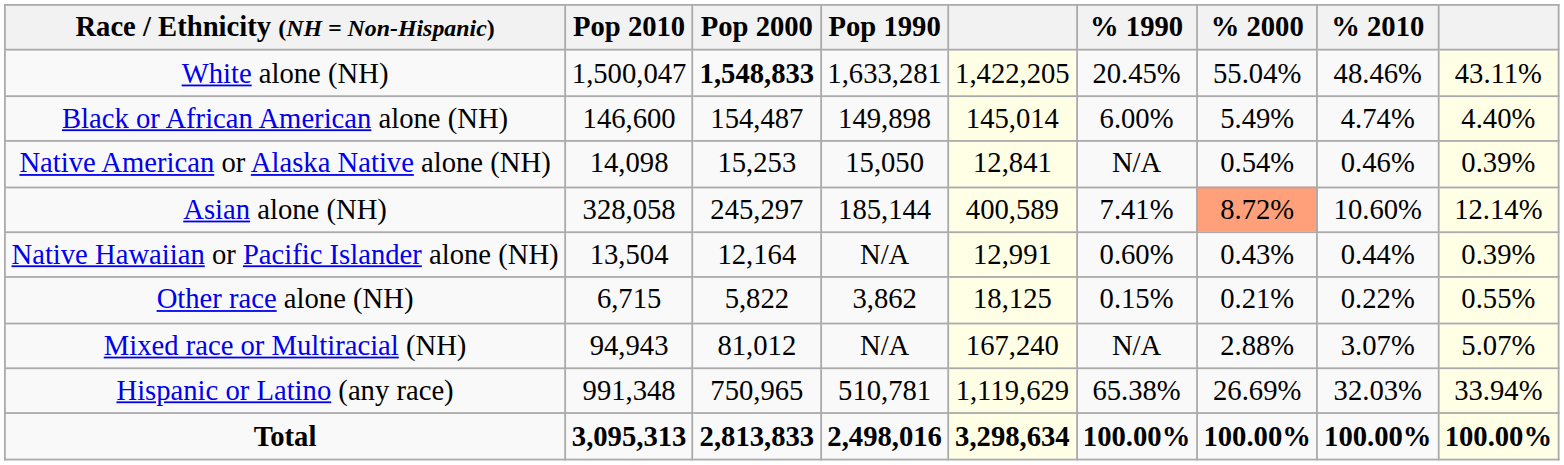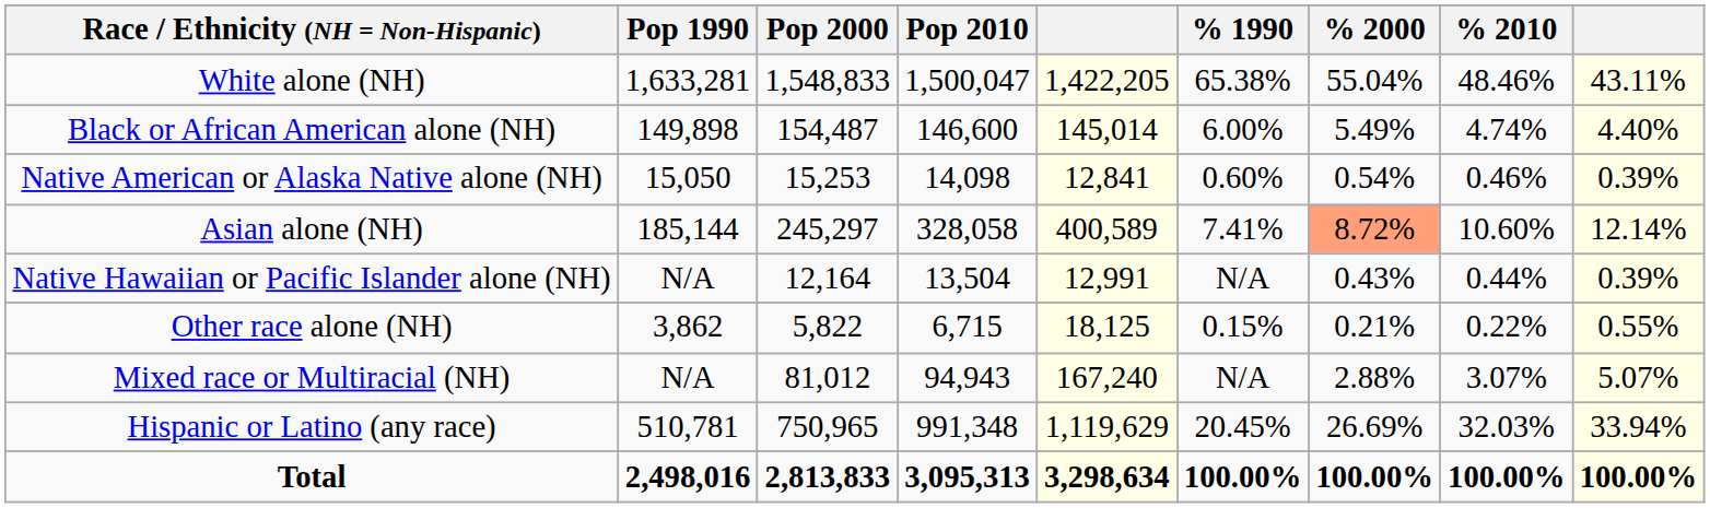 <table class="wikitable" style="text-align:center;">
 <tr>
 <th>Race / Ethnicity <small>(<em>NH = Non-Hispanic</em>)</small></th>
+<th>Pop 1990</th>
+<th>Pop 2000</th>
 <th>Pop 2010</th>
-<th>Pop 2000</th>
-<th>Pop 1990</th>
 <th></th>
 <th>% 1990</th>
 <th>% 2000</th>
 <th>% 2010</th>
 <th></th>
 </tr>
 <tr>
 <td><a href='#'>White</a> alone (NH)</td>
+<td>1,633,281</td>
+<td>1,548,833</td>
 <td>1,500,047</td>
-<td><strong>1,548,833</strong></td>
-<td>1,633,281</td>
 <td style='background: #ffffe6;'>1,422,205</td>
-<td>20.45%</td>
+<td>65.38%</td>
 <td>55.04%</td>
 <td>48.46%</td>
 <td style='background: #ffffe6;'>43.11%</td>
 </tr>
 <tr>
 <td><a href='#'>Black or African American</a> alone (NH)</td>
+<td>149,898</td>
+<td>154,487</td>
 <td>146,600</td>
-<td>154,487</td>
-<td>149,898</td>
 <td style='background: #ffffe6;'>145,014</td>
 <td>6.00%</td>
 <td>5.49%</td>
 <td>4.74%</td>
 <td style='background: #ffffe6;'>4.40%</td>
 </tr>
 <tr>
 <td><a href='#'>Native American</a> or <a href='#'>Alaska Native</a> alone (NH)</td>
+<td>15,050</td>
+<td>15,253</td>
 <td>14,098</td>
-<td>15,253</td>
-<td>15,050</td>
 <td style='background: #ffffe6;'>12,841</td>
-<td>N/A</td>
+<td>0.60%</td>
 <td>0.54%</td>
 <td>0.46%</td>
 <td style='background: #ffffe6;'>0.39%</td>
 </tr>
 <tr>
 <td><a href='#'>Asian</a> alone (NH)</td>
+<td>185,144</td>
+<td>245,297</td>
 <td>328,058</td>
-<td>245,297</td>
-<td>185,144</td>
 <td style='background: #ffffe6;'>400,589</td>
 <td>7.41%</td>
 <td style="background: lightsalmon;">8.72%</td>
 <td>10.60%</td>
 <td style='background: #ffffe6;'>12.14%</td>
 </tr>
 <tr>
 <td><a href='#'>Native Hawaiian</a> or <a href='#'>Pacific Islander</a> alone (NH)</td>
+<td>N/A</td>
+<td>12,164</td>
 <td>13,504</td>
-<td>12,164</td>
+<td style='background: #ffffe6;'>12,991</td>
 <td>N/A</td>
-<td style='background: #ffffe6;'>12,991</td>
-<td>0.60%</td>
 <td>0.43%</td>
 <td>0.44%</td>
 <td style='background: #ffffe6;'>0.39%</td>
 </tr>
 <tr>
 <td><a href='#'>Other race</a> alone (NH)</td>
+<td>3,862</td>
+<td>5,822</td>
 <td>6,715</td>
-<td>5,822</td>
-<td>3,862</td>
 <td style='background: #ffffe6;'>18,125</td>
 <td>0.15%</td>
 <td>0.21%</td>
 <td>0.22%</td>
 <td style='background: #ffffe6;'>0.55%</td>
 </tr>
 <tr>
 <td><a href='#'>Mixed race or Multiracial</a> (NH)</td>
+<td>N/A</td>
+<td>81,012</td>
 <td>94,943</td>
-<td>81,012</td>
-<td>N/A</td>
 <td style='background: #ffffe6;'>167,240</td>
 <td>N/A</td>
 <td>2.88%</td>
 <td>3.07%</td>
 <td style='background: #ffffe6;'>5.07%</td>
 </tr>
 <tr>
 <td><a href='#'>Hispanic or Latino</a> (any race)</td>
+<td>510,781</td>
+<td>750,965</td>
 <td>991,348</td>
-<td>750,965</td>
-<td>510,781</td>
 <td style='background: #ffffe6;'>1,119,629</td>
-<td>65.38%</td>
+<td>20.45%</td>
 <td>26.69%</td>
 <td>32.03%</td>
 <td style='background: #ffffe6;'>33.94%</td>
 </tr>
 <tr>
 <td><strong>Total</strong></td>
+<td><strong>2,498,016</strong></td>
+<td><strong>2,813,833</strong></td>
 <td><strong>3,095,313</strong></td>
-<td><strong>2,813,833</strong></td>
-<td><strong>2,498,016</strong></td>
 <td style='background: #ffffe6;'><strong>3,298,634</strong></td>
 <td><strong>100.00%</strong></td>
 <td><strong>100.00%</strong></td>
 <td><strong>100.00%</strong></td>
 <td style='background: #ffffe6;'><strong>100.00%</strong></td>
 </tr>
 </table>
